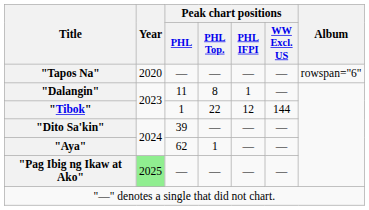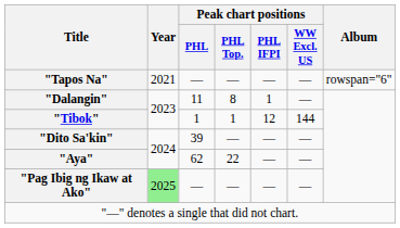 <table class="wikitable plainrowheaders" style="text-align:center;">
 <tr>
 <th scope="col" rowspan="2" style="width:11em">Title</th>
 <th scope="col" rowspan="2">Year</th>
 <th colspan="4" scope="colgroup">Peak chart positions</th>
 <th rowspan="2" scope="col">Album</th>
 </tr>
 <tr>
 <th scope="col" style="font-size:90%; width:2.75em"><a href='#'>PHL</a><br></th>
 <th scope="col" style="font-size:90%; width:2.75em"><a href='#'>PHL<br>Top.</a><br></th>
 <th scope="col" style="font-size:90%; width:2.75em"><a href='#'>PHL<br>IFPI</a><br></th>
 <th scope="col" style="font-size:90%; width:2.75em"><a href='#'>WW<br>Excl. US</a><br></th>
 </tr>
 <tr>
 <th scope="row">"Tapos Na"</th>
-<td>2020</td>
+<td>2021</td>
 <td>—</td>
 <td>—</td>
 <td>—</td>
 <td>—</td>
 <td>rowspan="6" </td>
 </tr>
 <tr>
 <th scope="row">"Dalangin"</th>
 <td rowspan="2">2023</td>
 <td>11</td>
 <td>8</td>
 <td>1</td>
 <td>—</td>
 </tr>
 <tr>
 <th scope="row">"<a href='#'>Tibok</a>"</th>
 <td>1</td>
-<td>22</td>
+<td>1</td>
 <td>12</td>
 <td>144</td>
 </tr>
 <tr>
 <th scope="row">"Dito Sa'kin"</th>
 <td rowspan="2">2024</td>
 <td>39</td>
 <td>—</td>
 <td>—</td>
 <td>—</td>
 </tr>
 <tr>
 <th scope="row">"Aya"</th>
 <td>62</td>
-<td>1</td>
+<td>22</td>
 <td>—</td>
 <td>—</td>
 </tr>
 <tr>
 <th scope="row">"Pag Ibig ng Ikaw at Ako"</th>
 <td style="background: lightgreen;">2025</td>
 <td>—</td>
 <td>—</td>
 <td>—</td>
 <td>—</td>
 </tr>
 <tr>
 <td colspan="7">"—" denotes a single that did not chart.</td>
 </tr>
 </table>
